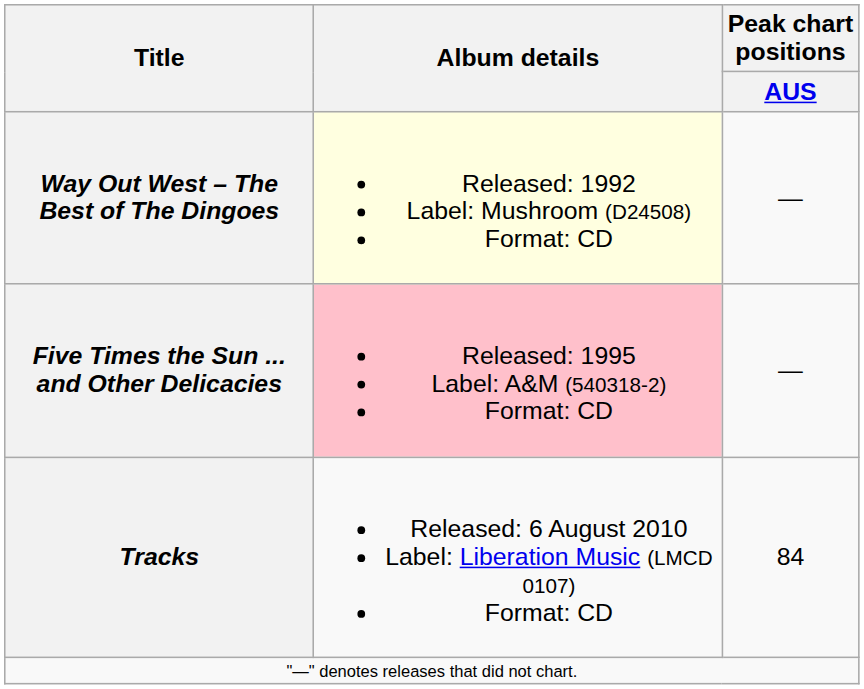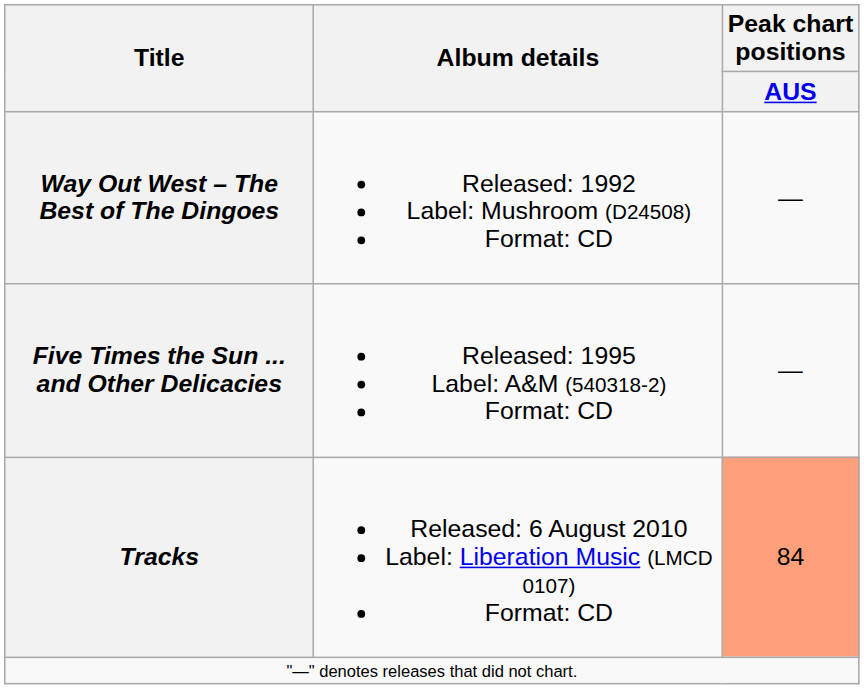 <table class="wikitable plainrowheaders" style="text-align:center;" border="1">
 <tr>
 <th scope="col" rowspan="2" style="width:12em;">Title</th>
 <th scope="col" rowspan="2" style="width:16em;">Album details</th>
 <th scope="col" colspan="1">Peak chart<br>positions</th>
 </tr>
 <tr>
 <th scope="col" style="text-align:center;"><a href='#'>AUS</a><br></th>
 </tr>
 <tr>
 <th scope="row"><em>Way Out West – The Best of The Dingoes</em></th>
-<td style="background: lightyellow;"><br><ul><li>Released: 1992</li><li>Label: Mushroom <small>(D24508)</small></li><li>Format: CD</li></ul></td>
+<td><br><ul><li>Released: 1992</li><li>Label: Mushroom <small>(D24508)</small></li><li>Format: CD</li></ul></td>
 <td style="text-align:center;">—</td>
 </tr>
 <tr>
 <th scope="row"><em>Five Times the Sun ... and Other Delicacies</em></th>
-<td style="background: pink;"><br><ul><li>Released: 1995</li><li>Label: A&M <small>(540318-2)</small></li><li>Format: CD</li></ul></td>
+<td><br><ul><li>Released: 1995</li><li>Label: A&M <small>(540318-2)</small></li><li>Format: CD</li></ul></td>
 <td style="text-align:center;">—</td>
 </tr>
 <tr>
 <th scope="row"><em>Tracks</em></th>
 <td><br><ul><li>Released: 6 August 2010</li><li>Label: <a href='#'>Liberation Music</a> <small>(LMCD 0107)</small></li><li>Format: CD</li></ul></td>
-<td style="text-align:center;">84</td>
+<td style="background: lightsalmon; text-align:center;">84</td>
 </tr>
 <tr>
 <td colspan="4" style="text-align:center; font-size:8pt;">"—" denotes releases that did not chart.</td>
 </tr>
 </table>
